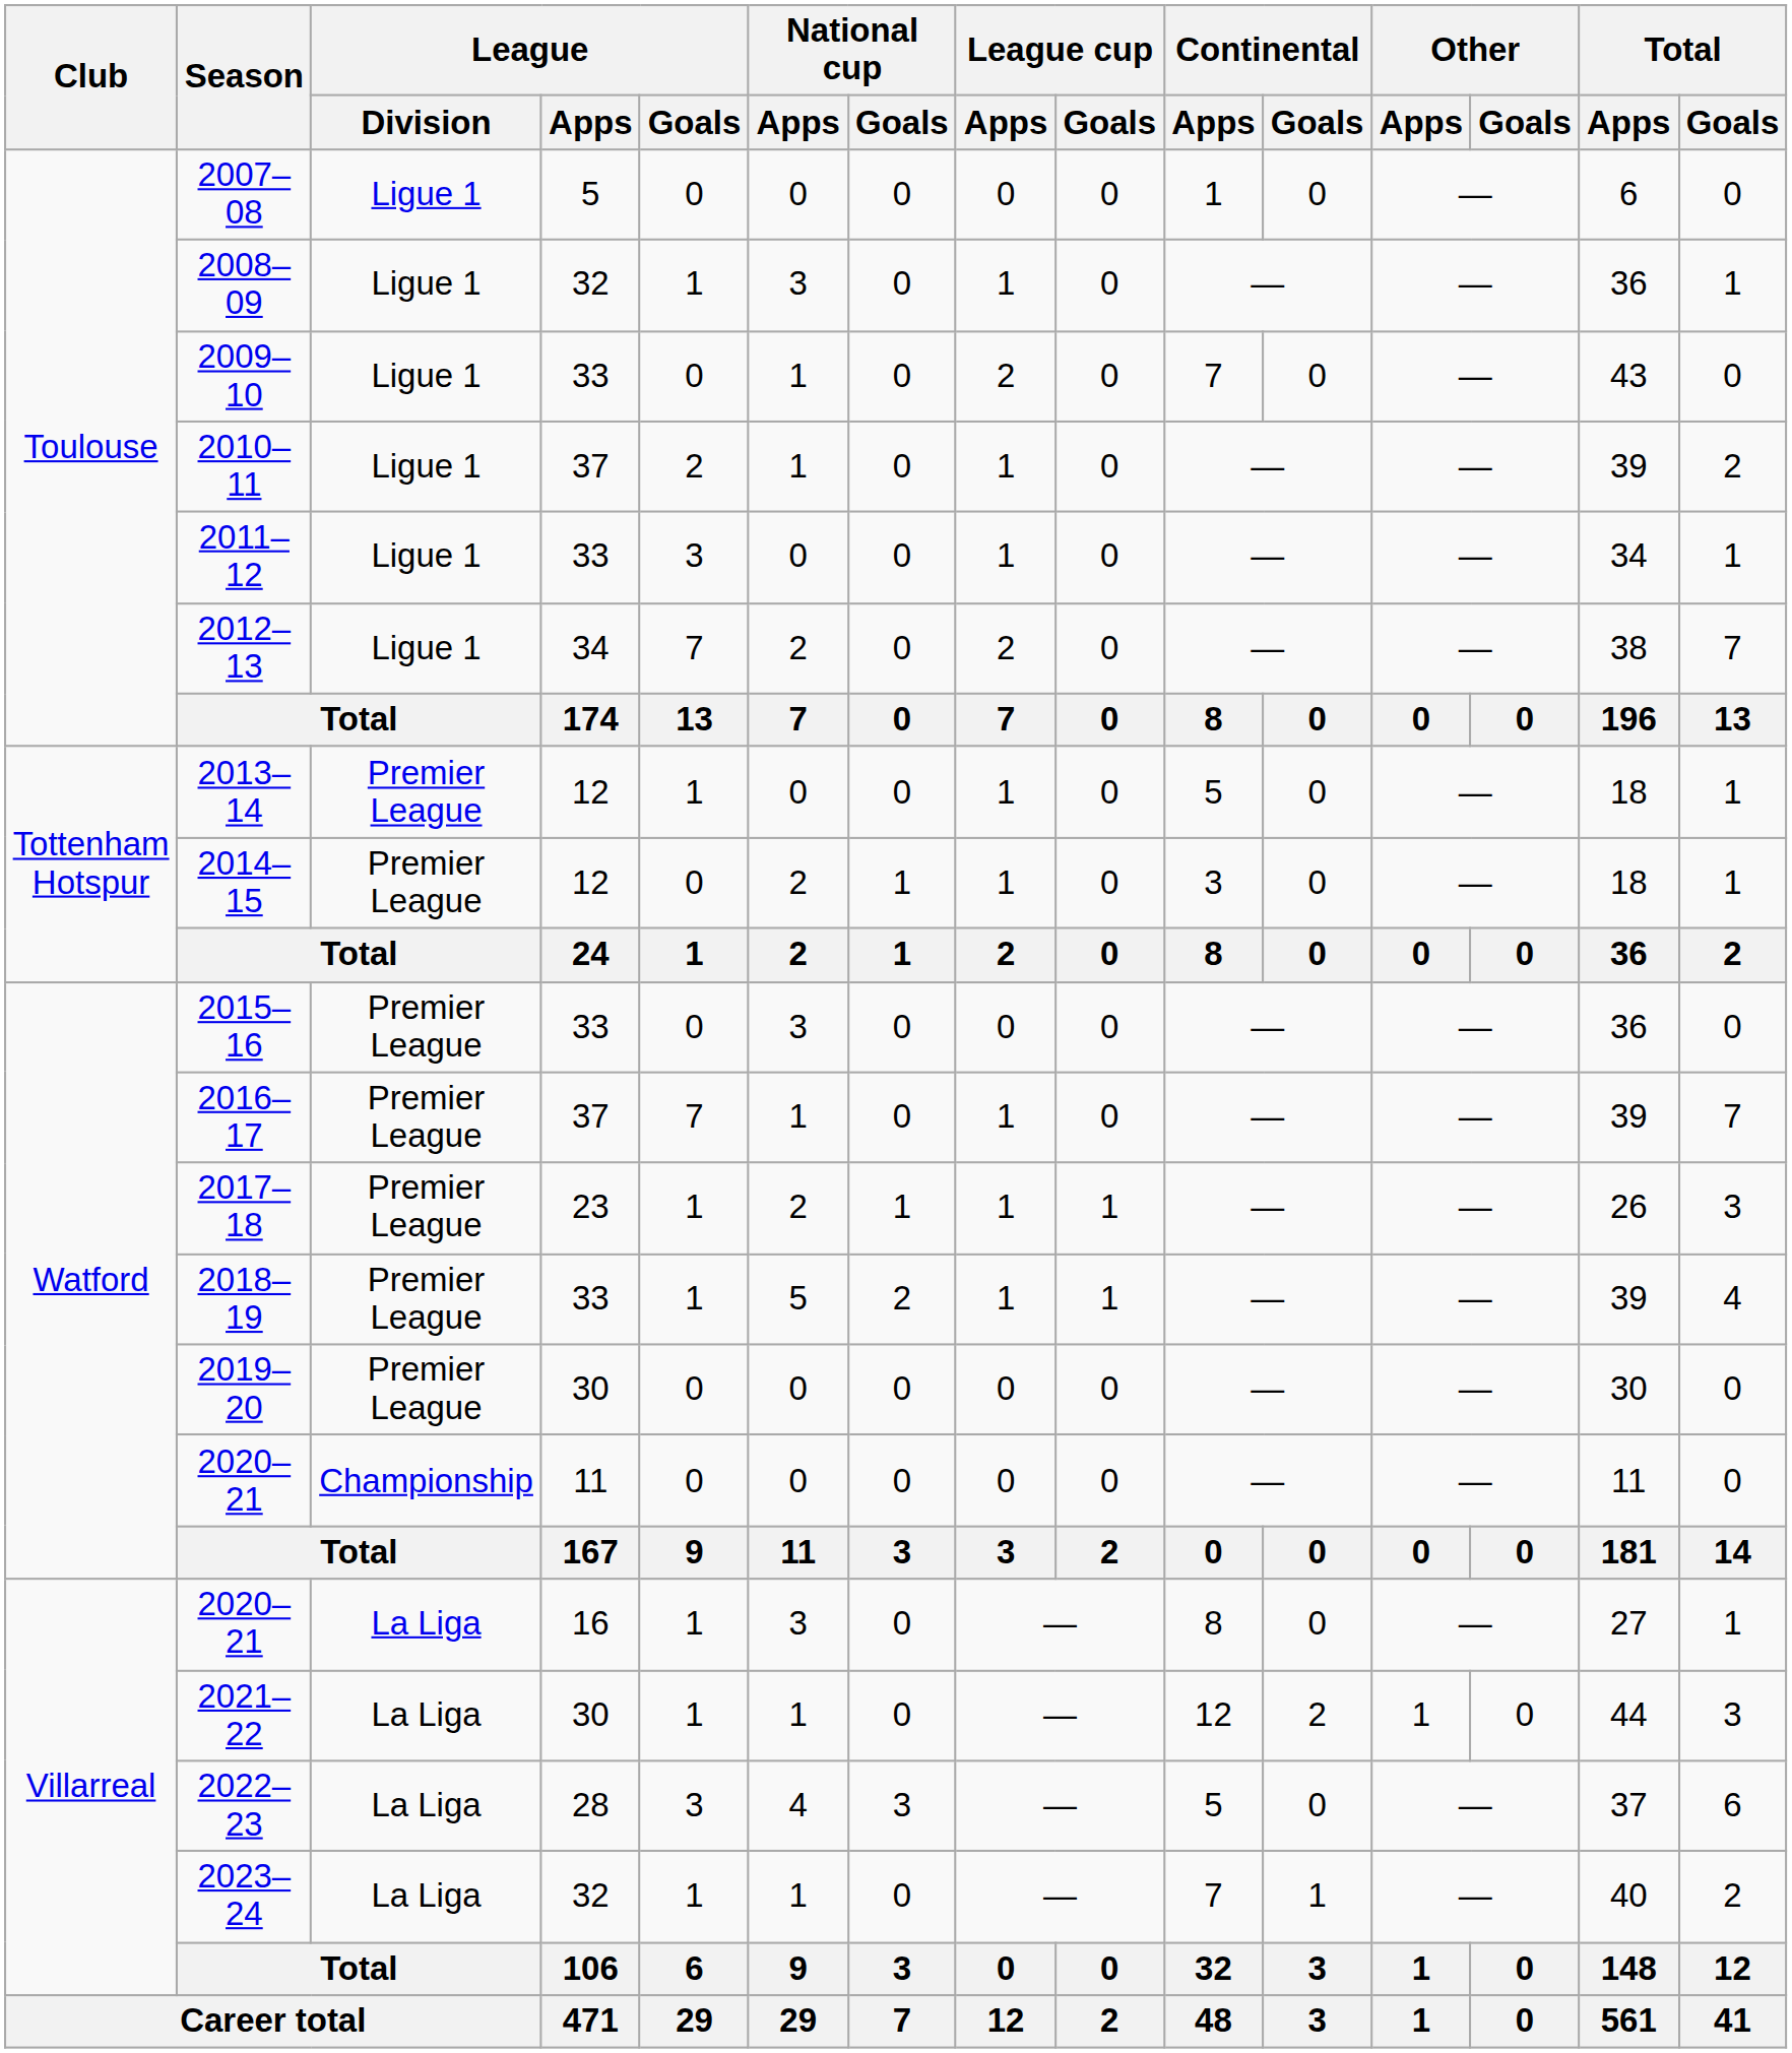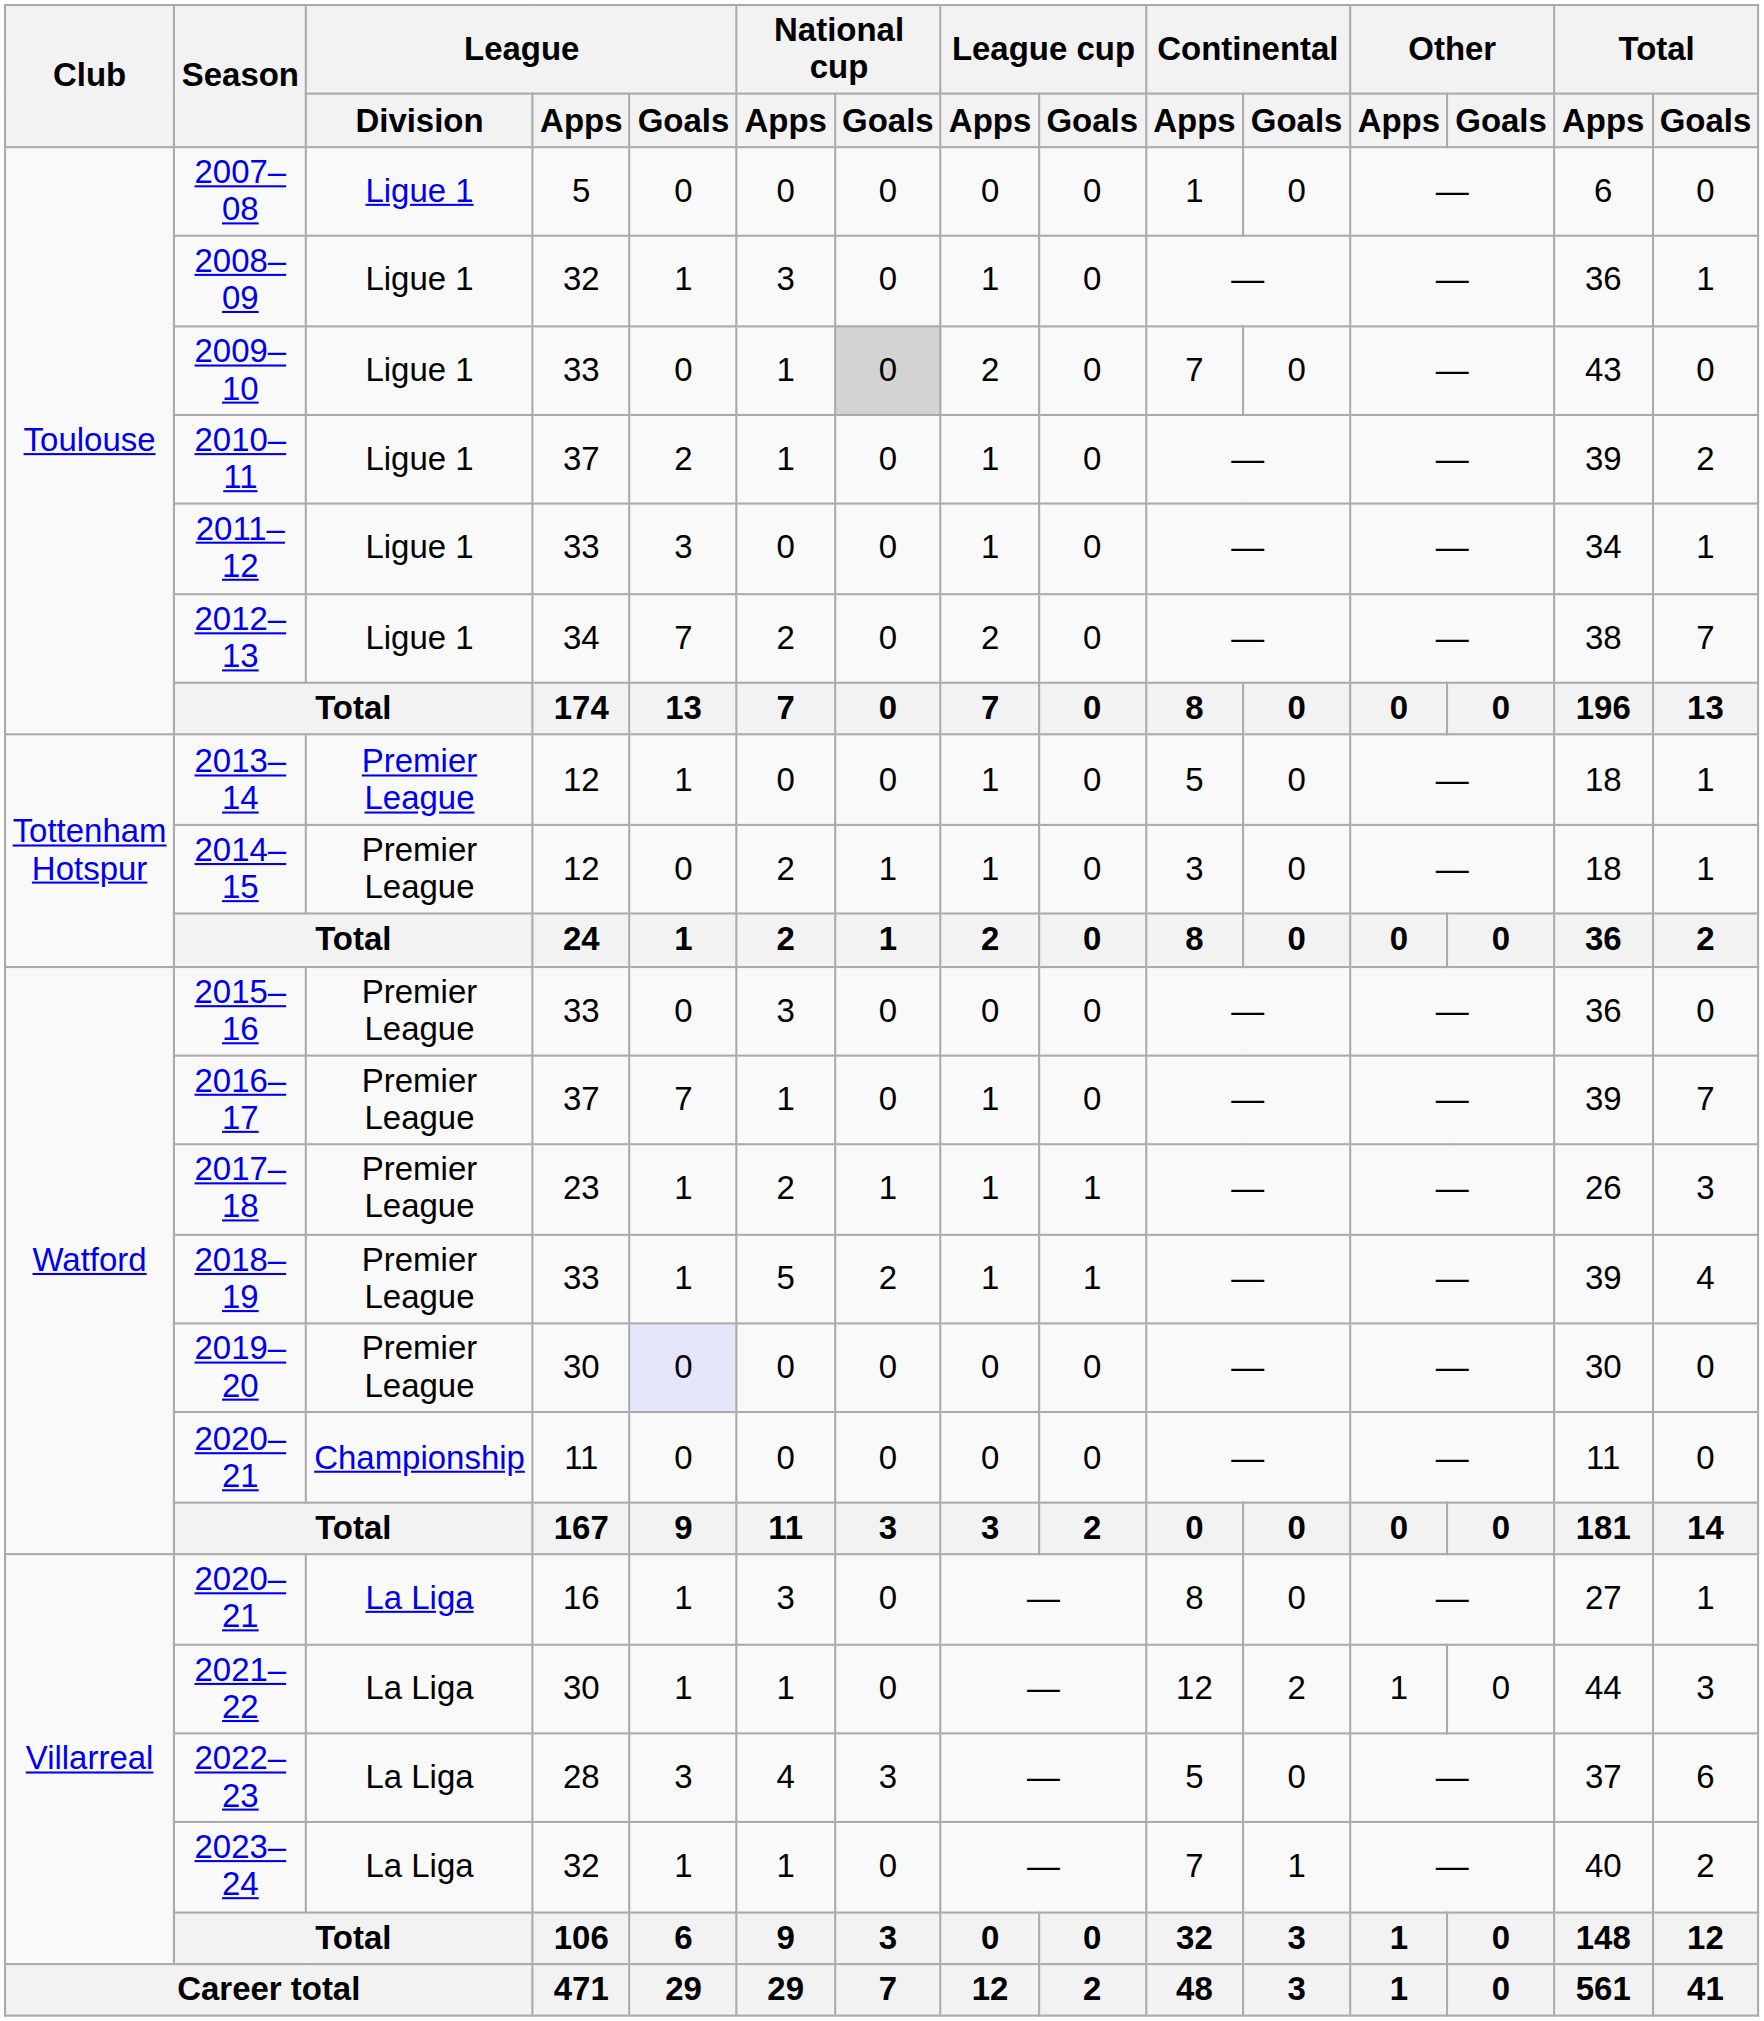 <table class="wikitable" style="text-align: center;">
 <tr>
 <th rowspan="2">Club</th>
 <th rowspan="2">Season</th>
 <th colspan="3">League</th>
 <th colspan="2">National cup</th>
 <th colspan="2">League cup</th>
 <th colspan="2">Continental</th>
 <th colspan="2">Other</th>
 <th colspan="2">Total</th>
 </tr>
 <tr>
 <th>Division</th>
 <th>Apps</th>
 <th>Goals</th>
 <th>Apps</th>
 <th>Goals</th>
 <th>Apps</th>
 <th>Goals</th>
 <th>Apps</th>
 <th>Goals</th>
 <th>Apps</th>
 <th>Goals</th>
 <th>Apps</th>
 <th>Goals</th>
 </tr>
 <tr>
 <td rowspan="7"><a href='#'>Toulouse</a></td>
 <td><a href='#'>2007–08</a></td>
 <td><a href='#'>Ligue 1</a></td>
 <td>5</td>
 <td>0</td>
 <td>0</td>
 <td>0</td>
 <td>0</td>
 <td>0</td>
 <td>1</td>
 <td>0</td>
 <td colspan="2">—</td>
 <td>6</td>
 <td>0</td>
 </tr>
 <tr>
 <td><a href='#'>2008–09</a></td>
 <td>Ligue 1</td>
 <td>32</td>
 <td>1</td>
 <td>3</td>
 <td>0</td>
 <td>1</td>
 <td>0</td>
 <td colspan="2">—</td>
 <td colspan="2">—</td>
 <td>36</td>
 <td>1</td>
 </tr>
 <tr>
 <td><a href='#'>2009–10</a></td>
 <td>Ligue 1</td>
 <td>33</td>
 <td>0</td>
 <td>1</td>
-<td>0</td>
+<td style="background: lightgrey;">0</td>
 <td>2</td>
 <td>0</td>
 <td>7</td>
 <td>0</td>
 <td colspan="2">—</td>
 <td>43</td>
 <td>0</td>
 </tr>
 <tr>
 <td><a href='#'>2010–11</a></td>
 <td>Ligue 1</td>
 <td>37</td>
 <td>2</td>
 <td>1</td>
 <td>0</td>
 <td>1</td>
 <td>0</td>
 <td colspan="2">—</td>
 <td colspan="2">—</td>
 <td>39</td>
 <td>2</td>
 </tr>
 <tr>
 <td><a href='#'>2011–12</a></td>
 <td>Ligue 1</td>
 <td>33</td>
 <td>3</td>
 <td>0</td>
 <td>0</td>
 <td>1</td>
 <td>0</td>
 <td colspan="2">—</td>
 <td colspan="2">—</td>
 <td>34</td>
 <td>1</td>
 </tr>
 <tr>
 <td><a href='#'>2012–13</a></td>
 <td>Ligue 1</td>
 <td>34</td>
 <td>7</td>
 <td>2</td>
 <td>0</td>
 <td>2</td>
 <td>0</td>
 <td colspan="2">—</td>
 <td colspan="2">—</td>
 <td>38</td>
 <td>7</td>
 </tr>
 <tr>
 <th colspan="2">Total</th>
 <th>174</th>
 <th>13</th>
 <th>7</th>
 <th>0</th>
 <th>7</th>
 <th>0</th>
 <th>8</th>
 <th>0</th>
 <th>0</th>
 <th>0</th>
 <th>196</th>
 <th>13</th>
 </tr>
 <tr>
 <td rowspan="3"><a href='#'>Tottenham Hotspur</a></td>
 <td><a href='#'>2013–14</a></td>
 <td><a href='#'>Premier League</a></td>
 <td>12</td>
 <td>1</td>
 <td>0</td>
 <td>0</td>
 <td>1</td>
 <td>0</td>
 <td>5</td>
 <td>0</td>
 <td colspan="2">—</td>
 <td>18</td>
 <td>1</td>
 </tr>
 <tr>
 <td><a href='#'>2014–15</a></td>
 <td>Premier League</td>
 <td>12</td>
 <td>0</td>
 <td>2</td>
 <td>1</td>
 <td>1</td>
 <td>0</td>
 <td>3</td>
 <td>0</td>
 <td colspan="2">—</td>
 <td>18</td>
 <td>1</td>
 </tr>
 <tr>
 <th colspan="2">Total</th>
 <th>24</th>
 <th>1</th>
 <th>2</th>
 <th>1</th>
 <th>2</th>
 <th>0</th>
 <th>8</th>
 <th>0</th>
 <th>0</th>
 <th>0</th>
 <th>36</th>
 <th>2</th>
 </tr>
 <tr>
 <td rowspan="7"><a href='#'>Watford</a></td>
 <td><a href='#'>2015–16</a></td>
 <td>Premier League</td>
 <td>33</td>
 <td>0</td>
 <td>3</td>
 <td>0</td>
 <td>0</td>
 <td>0</td>
 <td colspan="2">—</td>
 <td colspan="2">—</td>
 <td>36</td>
 <td>0</td>
 </tr>
 <tr>
 <td><a href='#'>2016–17</a></td>
 <td>Premier League</td>
 <td>37</td>
 <td>7</td>
 <td>1</td>
 <td>0</td>
 <td>1</td>
 <td>0</td>
 <td colspan="2">—</td>
 <td colspan="2">—</td>
 <td>39</td>
 <td>7</td>
 </tr>
 <tr>
 <td><a href='#'>2017–18</a></td>
 <td>Premier League</td>
 <td>23</td>
 <td>1</td>
 <td>2</td>
 <td>1</td>
 <td>1</td>
 <td>1</td>
 <td colspan="2">—</td>
 <td colspan="2">—</td>
 <td>26</td>
 <td>3</td>
 </tr>
 <tr>
 <td><a href='#'>2018–19</a></td>
 <td>Premier League</td>
 <td>33</td>
 <td>1</td>
 <td>5</td>
 <td>2</td>
 <td>1</td>
 <td>1</td>
 <td colspan="2">—</td>
 <td colspan="2">—</td>
 <td>39</td>
 <td>4</td>
 </tr>
 <tr>
 <td><a href='#'>2019–20</a></td>
 <td>Premier League</td>
 <td>30</td>
-<td>0</td>
+<td style="background: lavender;">0</td>
 <td>0</td>
 <td>0</td>
 <td>0</td>
 <td>0</td>
 <td colspan="2">—</td>
 <td colspan="2">—</td>
 <td>30</td>
 <td>0</td>
 </tr>
 <tr>
 <td><a href='#'>2020–21</a></td>
 <td><a href='#'>Championship</a></td>
 <td>11</td>
 <td>0</td>
 <td>0</td>
 <td>0</td>
 <td>0</td>
 <td>0</td>
 <td colspan="2">—</td>
 <td colspan="2">—</td>
 <td>11</td>
 <td>0</td>
 </tr>
 <tr>
 <th colspan="2">Total</th>
 <th>167</th>
 <th>9</th>
 <th>11</th>
 <th>3</th>
 <th>3</th>
 <th>2</th>
 <th>0</th>
 <th>0</th>
 <th>0</th>
 <th>0</th>
 <th>181</th>
 <th>14</th>
 </tr>
 <tr>
 <td rowspan="5"><a href='#'>Villarreal</a></td>
 <td><a href='#'>2020–21</a></td>
 <td><a href='#'>La Liga</a></td>
 <td>16</td>
 <td>1</td>
 <td>3</td>
 <td>0</td>
 <td colspan="2">—</td>
 <td>8</td>
 <td>0</td>
 <td colspan="2">—</td>
 <td>27</td>
 <td>1</td>
 </tr>
 <tr>
 <td><a href='#'>2021–22</a></td>
 <td>La Liga</td>
 <td>30</td>
 <td>1</td>
 <td>1</td>
 <td>0</td>
 <td colspan="2">—</td>
 <td>12</td>
 <td>2</td>
 <td>1</td>
 <td>0</td>
 <td>44</td>
 <td>3</td>
 </tr>
 <tr>
 <td><a href='#'>2022–23</a></td>
 <td>La Liga</td>
 <td>28</td>
 <td>3</td>
 <td>4</td>
 <td>3</td>
 <td colspan="2">—</td>
 <td>5</td>
 <td>0</td>
 <td colspan="2">—</td>
 <td>37</td>
 <td>6</td>
 </tr>
 <tr>
 <td><a href='#'>2023–24</a></td>
 <td>La Liga</td>
 <td>32</td>
 <td>1</td>
 <td>1</td>
 <td>0</td>
 <td colspan="2">—</td>
 <td>7</td>
 <td>1</td>
 <td colspan="2">—</td>
 <td>40</td>
 <td>2</td>
 </tr>
 <tr>
 <th colspan="2">Total</th>
 <th>106</th>
 <th>6</th>
 <th>9</th>
 <th>3</th>
 <th>0</th>
 <th>0</th>
 <th>32</th>
 <th>3</th>
 <th>1</th>
 <th>0</th>
 <th>148</th>
 <th>12</th>
 </tr>
 <tr>
 <th colspan="3">Career total</th>
 <th>471</th>
 <th>29</th>
 <th>29</th>
 <th>7</th>
 <th>12</th>
 <th>2</th>
 <th>48</th>
 <th>3</th>
 <th>1</th>
 <th>0</th>
 <th>561</th>
 <th>41</th>
 </tr>
 </table>
